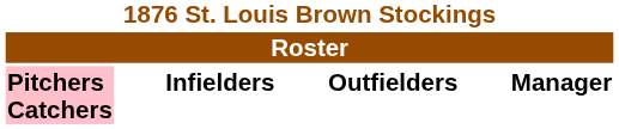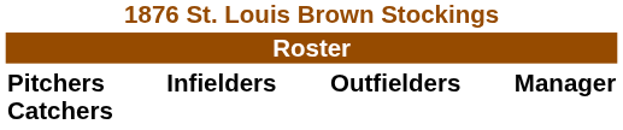 <table class="toccolours" style="font-size: 95%;">
 <tr>
 <th colspan="10" style="background-color: C4C3D0; color: #964B00; text-align: center;">1876 St. Louis Brown Stockings</th>
 </tr>
 <tr>
 <td colspan="10" style="background-color: #964B00; color: white; text-align: center;"><strong>Roster</strong></td>
 </tr>
 <tr>
-<td valign="top" style="background: pink;"><strong>Pitchers</strong><br> <strong>Catchers</strong> </td>
+<td valign="top"><strong>Pitchers</strong><br> <strong>Catchers</strong> </td>
 <td width="25px"></td>
 <td valign="top"><strong>Infielders</strong><br>    </td>
 <td width="25px"></td>
 <td valign="top"><strong>Outfielders</strong><br>  </td>
 <td width="25px"></td>
 <td valign="top"><strong>Manager</strong><br> </td>
 </tr>
 <tr>
 </tr>
 </table>
